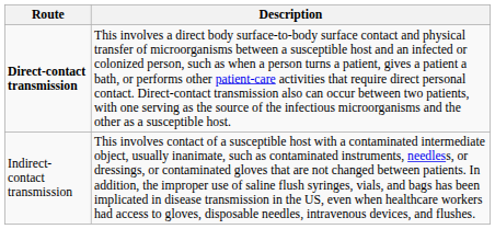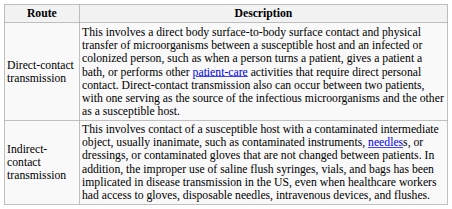 <table class="wikitable">
 <tr>
 <th>Route</th>
 <th>Description</th>
 </tr>
 <tr>
-<td><strong>Direct-contact transmission</strong></td>
+<td>Direct-contact transmission</td>
 <td>This involves a direct body surface-to-body surface contact and physical transfer of microorganisms between a susceptible host and an infected or colonized person, such as when a person turns a patient, gives a patient a bath, or performs other <a href='#'>patient-care</a> activities that require direct personal contact. Direct-contact transmission also can occur between two patients, with one serving as the source of the infectious microorganisms and the other as a susceptible host.</td>
 </tr>
 <tr>
 <td>Indirect-contact transmission</td>
 <td>This involves contact of a susceptible host with a contaminated intermediate object, usually inanimate, such as contaminated instruments, <a href='#'>needles</a>s, or dressings, or contaminated gloves that are not changed between patients. In addition, the improper use of saline flush syringes, vials, and bags has been implicated in disease transmission in the US, even when healthcare workers had access to gloves, disposable needles, intravenous devices, and flushes.</td>
 </tr>
 </table>
